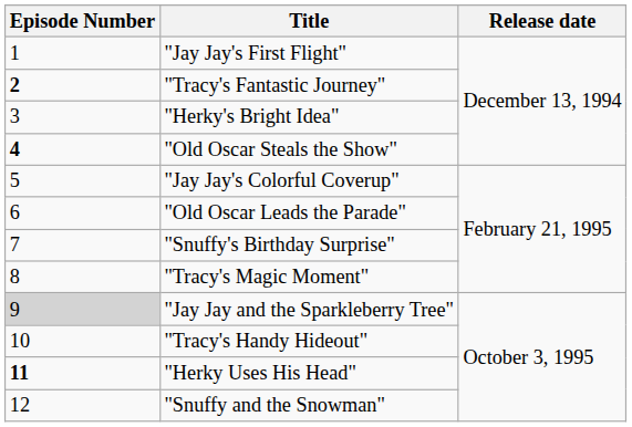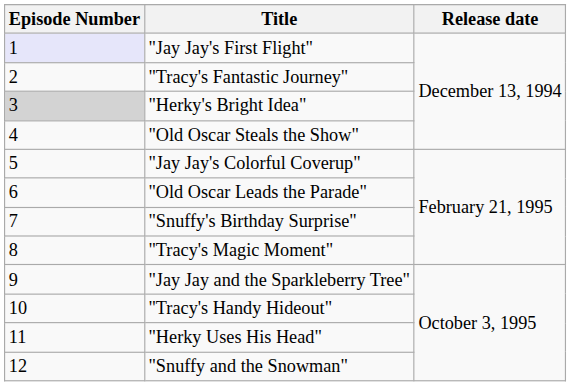 <table class="wikitable">
 <tr style="background-color:#d03;text-align:center;">
 </tr>
 <tr>
 <th>Episode Number</th>
 <th>Title</th>
 <th>Release date</th>
 </tr>
 <tr>
-<td>1</td>
+<td style="background: lavender;">1</td>
 <td>"Jay Jay's First Flight"</td>
 <td rowspan=4>December 13, 1994</td>
 </tr>
 <tr>
-<td><strong>2</strong></td>
+<td>2</td>
 <td>"Tracy's Fantastic Journey"</td>
 </tr>
 <tr>
-<td>3</td>
+<td style="background: lightgrey;">3</td>
 <td>"Herky's Bright Idea"</td>
 </tr>
 <tr>
-<td><strong>4</strong></td>
+<td>4</td>
 <td>"Old Oscar Steals the Show"</td>
 </tr>
 <tr>
 <td>5</td>
 <td>"Jay Jay's Colorful Coverup"</td>
 <td rowspan=4>February 21, 1995</td>
 </tr>
 <tr>
 <td>6</td>
 <td>"Old Oscar Leads the Parade"</td>
 </tr>
 <tr>
 <td>7</td>
 <td>"Snuffy's Birthday Surprise"</td>
 </tr>
 <tr>
 <td>8</td>
 <td>"Tracy's Magic Moment"</td>
 </tr>
 <tr>
-<td style="background: lightgrey;">9</td>
+<td>9</td>
 <td>"Jay Jay and the Sparkleberry Tree"</td>
 <td rowspan=4>October 3, 1995</td>
 </tr>
 <tr>
 <td>10</td>
 <td>"Tracy's Handy Hideout"</td>
 </tr>
 <tr>
-<td><strong>11</strong></td>
+<td>11</td>
 <td>"Herky Uses His Head"</td>
 </tr>
 <tr>
 <td>12</td>
 <td>"Snuffy and the Snowman"</td>
 </tr>
 </table>
